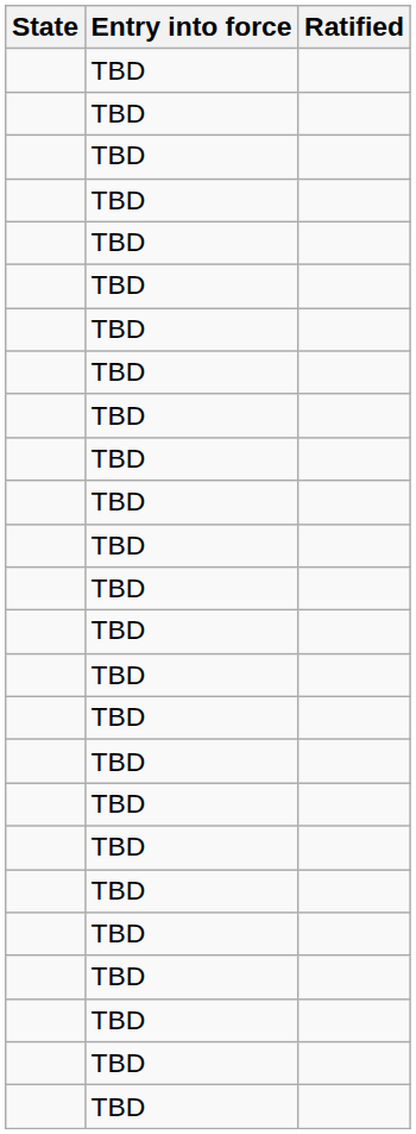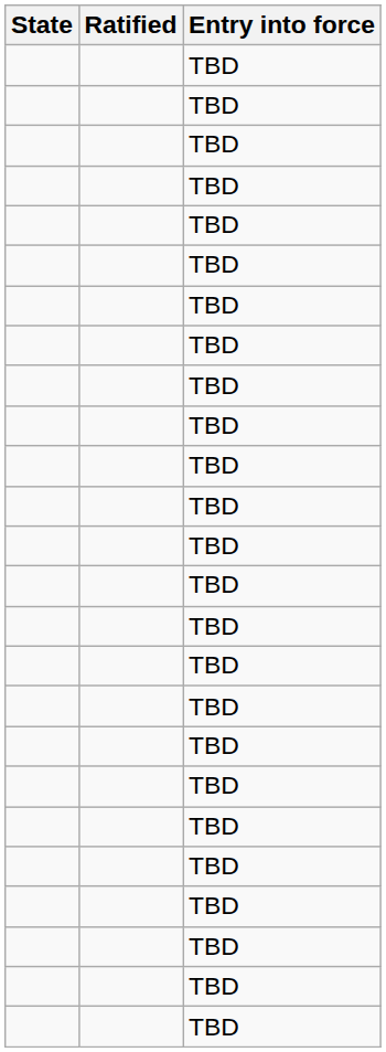 <table class="wikitable sortable">
 <tr>
 <th>State</th>
+<th>Ratified</th>
 <th>Entry into force</th>
-<th>Ratified</th>
 </tr>
 <tr>
 <td></td>
+<td></td>
 <td>TBD</td>
-<td></td>
 </tr>
 <tr>
 <td></td>
+<td></td>
 <td>TBD</td>
-<td></td>
 </tr>
 <tr>
 <td></td>
+<td></td>
 <td>TBD</td>
-<td></td>
 </tr>
 <tr>
 <td></td>
+<td></td>
 <td>TBD</td>
-<td></td>
 </tr>
 <tr>
 <td></td>
+<td></td>
 <td>TBD</td>
-<td></td>
 </tr>
 <tr>
 <td></td>
+<td></td>
 <td>TBD</td>
-<td></td>
 </tr>
 <tr>
 <td></td>
+<td></td>
 <td>TBD</td>
-<td></td>
 </tr>
 <tr>
 <td></td>
+<td></td>
 <td>TBD</td>
-<td></td>
 </tr>
 <tr>
 <td></td>
+<td></td>
 <td>TBD</td>
-<td></td>
 </tr>
 <tr>
 <td></td>
+<td></td>
 <td>TBD</td>
-<td></td>
 </tr>
 <tr>
 <td></td>
+<td></td>
 <td>TBD</td>
-<td></td>
 </tr>
 <tr>
 <td></td>
+<td></td>
 <td>TBD</td>
-<td></td>
 </tr>
 <tr>
 <td></td>
+<td></td>
 <td>TBD</td>
-<td></td>
 </tr>
 <tr>
 <td></td>
+<td></td>
 <td>TBD</td>
-<td></td>
 </tr>
 <tr>
 <td></td>
+<td></td>
 <td>TBD</td>
-<td></td>
 </tr>
 <tr>
 <td></td>
+<td></td>
 <td>TBD</td>
-<td></td>
 </tr>
 <tr>
 <td></td>
+<td></td>
 <td>TBD</td>
-<td></td>
 </tr>
 <tr>
 <td></td>
+<td></td>
 <td>TBD</td>
-<td></td>
 </tr>
 <tr>
 <td></td>
+<td></td>
 <td>TBD</td>
-<td></td>
 </tr>
 <tr>
 <td></td>
+<td></td>
 <td>TBD</td>
-<td></td>
 </tr>
 <tr>
 <td></td>
+<td></td>
 <td>TBD</td>
-<td></td>
 </tr>
 <tr>
 <td></td>
+<td></td>
 <td>TBD</td>
-<td></td>
 </tr>
 <tr>
 <td></td>
+<td></td>
 <td>TBD</td>
-<td></td>
 </tr>
 <tr>
 <td></td>
+<td></td>
 <td>TBD</td>
-<td></td>
 </tr>
 <tr>
 <td></td>
+<td></td>
 <td>TBD</td>
-<td></td>
 </tr>
 </table>
